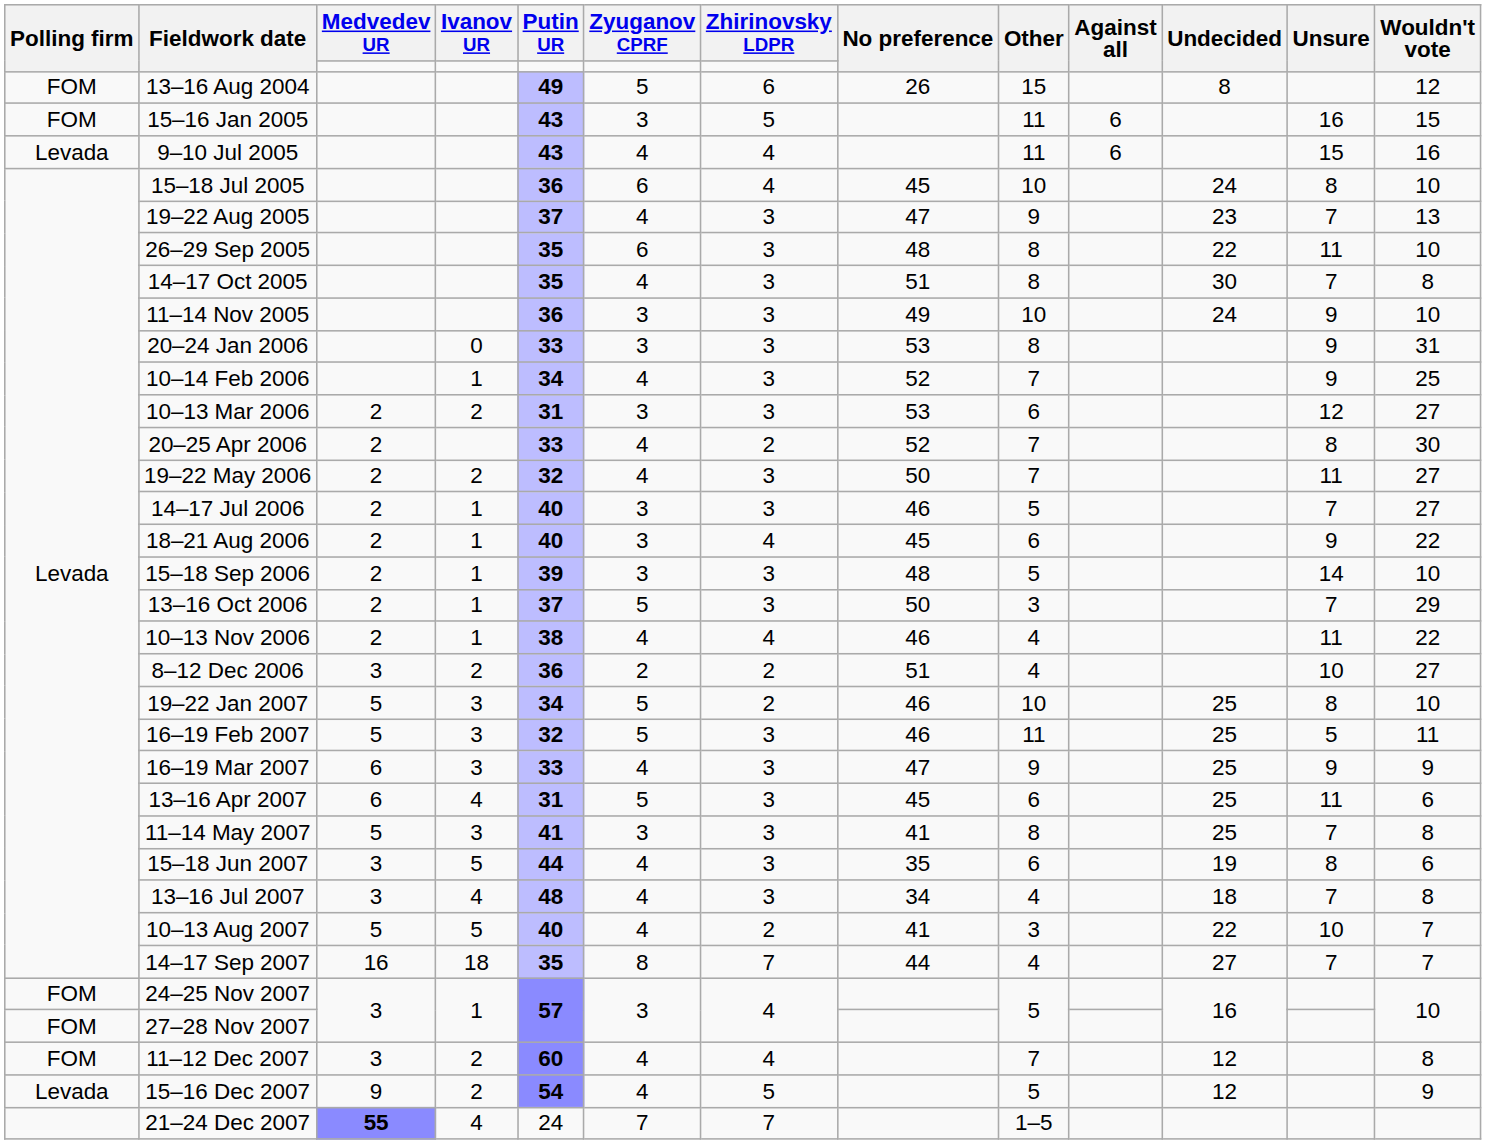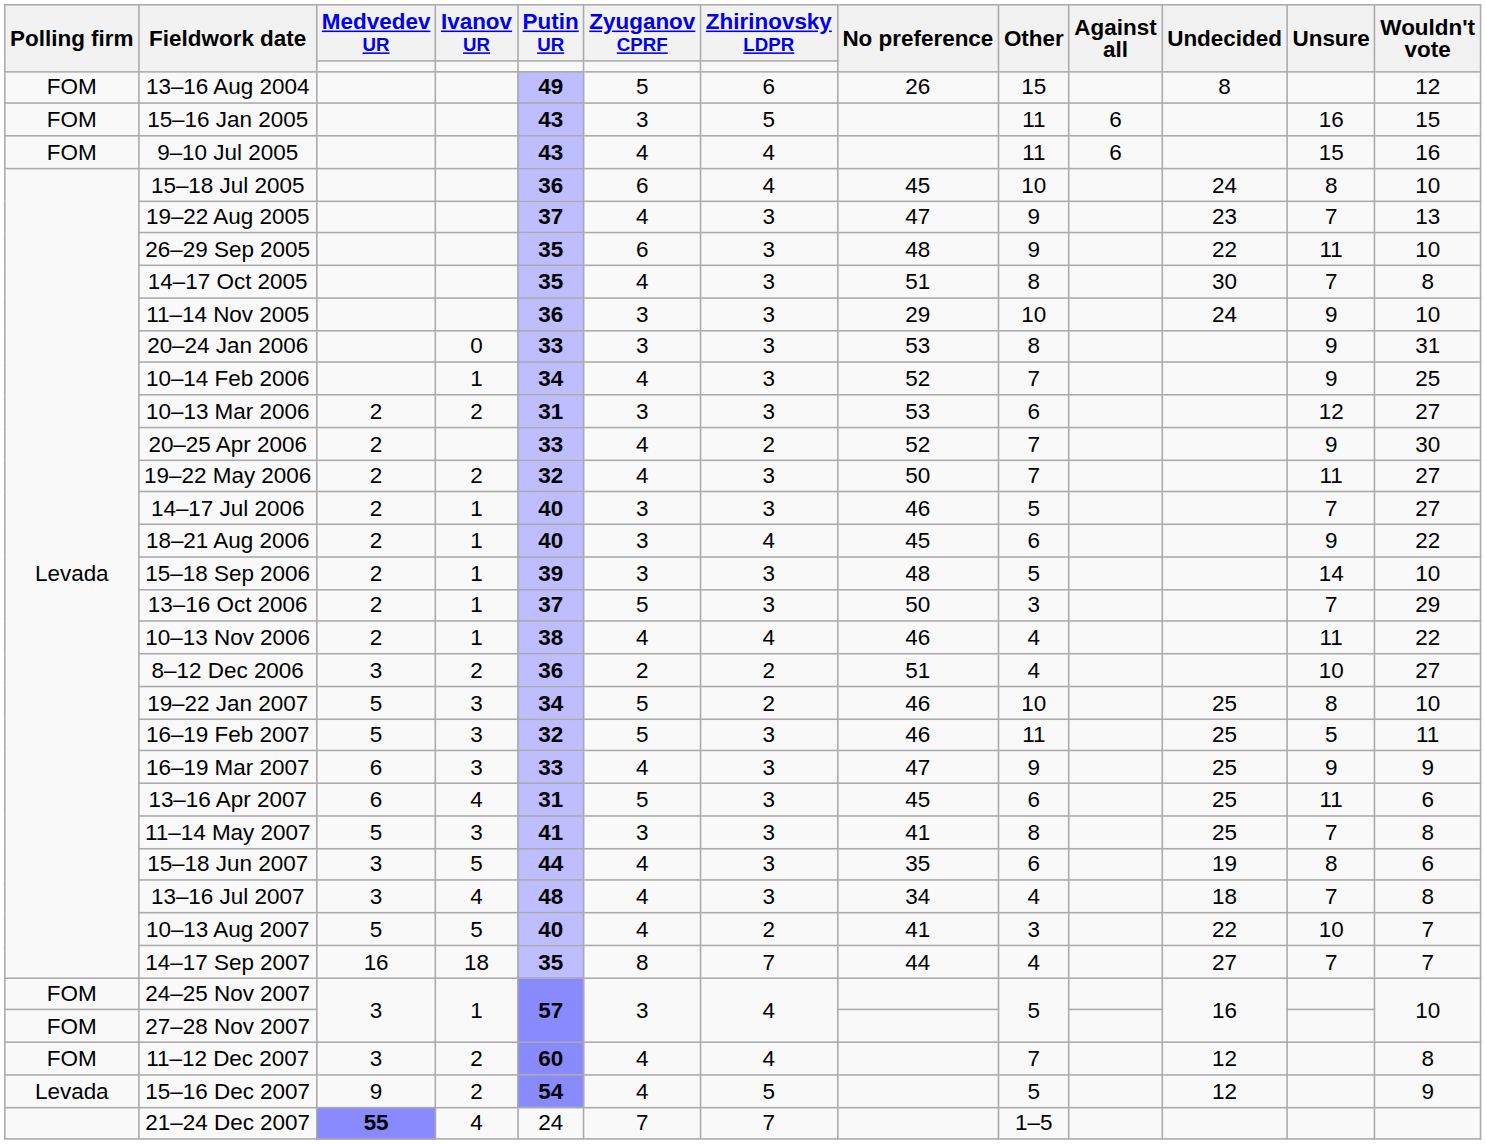 <table class="wikitable" style="text-align:center; font-size:90%; line-height:14px">
 <tr>
 <th rowspan=2>Polling firm</th>
 <th rowspan=2>Fieldwork date</th>
 <th><a href='#'>Medvedev</a><br><small><a href='#'>UR</a></small></th>
 <th><a href='#'>Ivanov</a><br><small><a href='#'>UR</a></small></th>
 <th><a href='#'>Putin</a><br><small><a href='#'>UR</a></small></th>
 <th><a href='#'>Zyuganov</a><br><small><a href='#'>CPRF</a></small></th>
 <th><a href='#'>Zhirinovsky</a><br><small><a href='#'>LDPR</a></small></th>
 <th rowspan=2>No preference</th>
 <th rowspan=2>Other</th>
 <th rowspan=2>Against<br>all</th>
 <th rowspan=2>Undecided</th>
 <th rowspan=2>Unsure</th>
 <th rowspan=2>Wouldn't<br>vote</th>
 </tr>
 <tr>
 <td></td>
 <td></td>
 <td></td>
 <td></td>
 <td></td>
 </tr>
 <tr>
 <td>FOM</td>
 <td>13–16 Aug 2004</td>
 <td></td>
 <td></td>
 <th style="background:#BDBDFF">49</th>
 <td>5</td>
 <td>6</td>
 <td>26</td>
 <td>15</td>
 <td></td>
 <td>8</td>
 <td></td>
 <td>12</td>
 </tr>
 <tr>
 <td>FOM</td>
 <td>15–16 Jan 2005</td>
 <td></td>
 <td></td>
 <th style="background:#BDBDFF">43</th>
 <td>3</td>
 <td>5</td>
 <td></td>
 <td>11</td>
 <td>6</td>
 <td></td>
 <td>16</td>
 <td>15</td>
 </tr>
 <tr>
-<td>Levada</td>
+<td>FOM</td>
 <td>9–10 Jul 2005</td>
 <td></td>
 <td></td>
 <th style="background:#BDBDFF">43</th>
 <td>4</td>
 <td>4</td>
 <td></td>
 <td>11</td>
 <td>6</td>
 <td></td>
 <td>15</td>
 <td>16</td>
 </tr>
 <tr>
 <td rowspan="25">Levada</td>
 <td>15–18 Jul 2005</td>
 <td></td>
 <td></td>
 <th style="background:#BDBDFF">36</th>
 <td>6</td>
 <td>4</td>
 <td>45</td>
 <td>10</td>
 <td></td>
 <td>24</td>
 <td>8</td>
 <td>10</td>
 </tr>
 <tr>
 <td>19–22 Aug 2005</td>
 <td></td>
 <td></td>
 <th style="background:#BDBDFF">37</th>
 <td>4</td>
 <td>3</td>
 <td>47</td>
 <td>9</td>
 <td></td>
 <td>23</td>
 <td>7</td>
 <td>13</td>
 </tr>
 <tr>
 <td>26–29 Sep 2005</td>
 <td></td>
 <td></td>
 <th style="background:#BDBDFF">35</th>
 <td>6</td>
 <td>3</td>
 <td>48</td>
-<td>8</td>
+<td>9</td>
 <td></td>
 <td>22</td>
 <td>11</td>
 <td>10</td>
 </tr>
 <tr>
 <td>14–17 Oct 2005</td>
 <td></td>
 <td></td>
 <th style="background:#BDBDFF">35</th>
 <td>4</td>
 <td>3</td>
 <td>51</td>
 <td>8</td>
 <td></td>
 <td>30</td>
 <td>7</td>
 <td>8</td>
 </tr>
 <tr>
 <td>11–14 Nov 2005</td>
 <td></td>
 <td></td>
 <th style="background:#BDBDFF">36</th>
 <td>3</td>
 <td>3</td>
-<td>49</td>
+<td>29</td>
 <td>10</td>
 <td></td>
 <td>24</td>
 <td>9</td>
 <td>10</td>
 </tr>
 <tr>
 <td>20–24 Jan 2006</td>
 <td></td>
 <td>0</td>
 <th style="background:#BDBDFF">33</th>
 <td>3</td>
 <td>3</td>
 <td>53</td>
 <td>8</td>
 <td></td>
 <td></td>
 <td>9</td>
 <td>31</td>
 </tr>
 <tr>
 <td>10–14 Feb 2006</td>
 <td></td>
 <td>1</td>
 <th style="background:#BDBDFF">34</th>
 <td>4</td>
 <td>3</td>
 <td>52</td>
 <td>7</td>
 <td></td>
 <td></td>
 <td>9</td>
 <td>25</td>
 </tr>
 <tr>
 <td>10–13 Mar 2006</td>
 <td>2</td>
 <td>2</td>
 <th style="background:#BDBDFF">31</th>
 <td>3</td>
 <td>3</td>
 <td>53</td>
 <td>6</td>
 <td></td>
 <td></td>
 <td>12</td>
 <td>27</td>
 </tr>
 <tr>
 <td>20–25 Apr 2006</td>
 <td>2</td>
 <td></td>
 <th style="background:#BDBDFF">33</th>
 <td>4</td>
 <td>2</td>
 <td>52</td>
 <td>7</td>
 <td></td>
 <td></td>
-<td>8</td>
+<td>9</td>
 <td>30</td>
 </tr>
 <tr>
 <td>19–22 May 2006</td>
 <td>2</td>
 <td>2</td>
 <th style="background:#BDBDFF">32</th>
 <td>4</td>
 <td>3</td>
 <td>50</td>
 <td>7</td>
 <td></td>
 <td></td>
 <td>11</td>
 <td>27</td>
 </tr>
 <tr>
 <td>14–17 Jul 2006</td>
 <td>2</td>
 <td>1</td>
 <th style="background:#BDBDFF">40</th>
 <td>3</td>
 <td>3</td>
 <td>46</td>
 <td>5</td>
 <td></td>
 <td></td>
 <td>7</td>
 <td>27</td>
 </tr>
 <tr>
 <td>18–21 Aug 2006</td>
 <td>2</td>
 <td>1</td>
 <th style="background:#BDBDFF">40</th>
 <td>3</td>
 <td>4</td>
 <td>45</td>
 <td>6</td>
 <td></td>
 <td></td>
 <td>9</td>
 <td>22</td>
 </tr>
 <tr>
 <td>15–18 Sep 2006</td>
 <td>2</td>
 <td>1</td>
 <th style="background:#BDBDFF">39</th>
 <td>3</td>
 <td>3</td>
 <td>48</td>
 <td>5</td>
 <td></td>
 <td></td>
 <td>14</td>
 <td>10</td>
 </tr>
 <tr>
 <td>13–16 Oct 2006</td>
 <td>2</td>
 <td>1</td>
 <th style="background:#BDBDFF">37</th>
 <td>5</td>
 <td>3</td>
 <td>50</td>
 <td>3</td>
 <td></td>
 <td></td>
 <td>7</td>
 <td>29</td>
 </tr>
 <tr>
 <td>10–13 Nov 2006</td>
 <td>2</td>
 <td>1</td>
 <th style="background:#BDBDFF">38</th>
 <td>4</td>
 <td>4</td>
 <td>46</td>
 <td>4</td>
 <td></td>
 <td></td>
 <td>11</td>
 <td>22</td>
 </tr>
 <tr>
 <td>8–12 Dec 2006</td>
 <td>3</td>
 <td>2</td>
 <th style="background:#BDBDFF">36</th>
 <td>2</td>
 <td>2</td>
 <td>51</td>
 <td>4</td>
 <td></td>
 <td></td>
 <td>10</td>
 <td>27</td>
 </tr>
 <tr>
 <td>19–22 Jan 2007</td>
 <td>5</td>
 <td>3</td>
 <th style="background:#BDBDFF">34</th>
 <td>5</td>
 <td>2</td>
 <td>46</td>
 <td>10</td>
 <td></td>
 <td>25</td>
 <td>8</td>
 <td>10</td>
 </tr>
 <tr>
 <td>16–19 Feb 2007</td>
 <td>5</td>
 <td>3</td>
 <th style="background:#BDBDFF">32</th>
 <td>5</td>
 <td>3</td>
 <td>46</td>
 <td>11</td>
 <td></td>
 <td>25</td>
 <td>5</td>
 <td>11</td>
 </tr>
 <tr>
 <td>16–19 Mar 2007</td>
 <td>6</td>
 <td>3</td>
 <th style="background:#BDBDFF">33</th>
 <td>4</td>
 <td>3</td>
 <td>47</td>
 <td>9</td>
 <td></td>
 <td>25</td>
 <td>9</td>
 <td>9</td>
 </tr>
 <tr>
 <td>13–16 Apr 2007</td>
 <td>6</td>
 <td>4</td>
 <th style="background:#BDBDFF">31</th>
 <td>5</td>
 <td>3</td>
 <td>45</td>
 <td>6</td>
 <td></td>
 <td>25</td>
 <td>11</td>
 <td>6</td>
 </tr>
 <tr>
 <td>11–14 May 2007</td>
 <td>5</td>
 <td>3</td>
 <th style="background:#BDBDFF">41</th>
 <td>3</td>
 <td>3</td>
 <td>41</td>
 <td>8</td>
 <td></td>
 <td>25</td>
 <td>7</td>
 <td>8</td>
 </tr>
 <tr>
 <td>15–18 Jun 2007</td>
 <td>3</td>
 <td>5</td>
 <th style="background:#BDBDFF">44</th>
 <td>4</td>
 <td>3</td>
 <td>35</td>
 <td>6</td>
 <td></td>
 <td>19</td>
 <td>8</td>
 <td>6</td>
 </tr>
 <tr>
 <td>13–16 Jul 2007</td>
 <td>3</td>
 <td>4</td>
 <th style="background:#BDBDFF">48</th>
 <td>4</td>
 <td>3</td>
 <td>34</td>
 <td>4</td>
 <td></td>
 <td>18</td>
 <td>7</td>
 <td>8</td>
 </tr>
 <tr>
 <td>10–13 Aug 2007</td>
 <td>5</td>
 <td>5</td>
 <th style="background:#BDBDFF">40</th>
 <td>4</td>
 <td>2</td>
 <td>41</td>
 <td>3</td>
 <td></td>
 <td>22</td>
 <td>10</td>
 <td>7</td>
 </tr>
 <tr>
 <td>14–17 Sep 2007</td>
 <td>16</td>
 <td>18</td>
 <th style="background:#BDBDFF">35</th>
 <td>8</td>
 <td>7</td>
 <td>44</td>
 <td>4</td>
 <td></td>
 <td>27</td>
 <td>7</td>
 <td>7</td>
 </tr>
 <tr>
 <td>FOM</td>
 <td>24–25 Nov 2007</td>
 <td rowspan="2">3</td>
 <td rowspan="2">1</td>
 <th rowspan="2" ; style="background:#8A8AFF">57</th>
 <td rowspan="2">3</td>
 <td rowspan="2">4</td>
 <td></td>
 <td rowspan="2">5</td>
 <td></td>
 <td rowspan="2">16</td>
 <td></td>
 <td rowspan="2">10</td>
 </tr>
 <tr>
 <td>FOM</td>
 <td>27–28 Nov 2007</td>
 <td></td>
 <td></td>
 <td></td>
 </tr>
 <tr>
 <td>FOM</td>
 <td>11–12 Dec 2007</td>
 <td>3</td>
 <td>2</td>
 <th style="background:#8A8AFF">60</th>
 <td>4</td>
 <td>4</td>
 <td></td>
 <td>7</td>
 <td></td>
 <td>12</td>
 <td></td>
 <td>8</td>
 </tr>
 <tr>
 <td>Levada</td>
 <td>15–16 Dec 2007</td>
 <td>9</td>
 <td>2</td>
 <th style="background:#8A8AFF">54</th>
 <td>4</td>
 <td>5</td>
 <td></td>
 <td>5</td>
 <td></td>
 <td>12</td>
 <td></td>
 <td>9</td>
 </tr>
 <tr>
 <td></td>
 <td>21–24 Dec 2007</td>
 <th style="background:#8A8AFF">55</th>
 <td>4</td>
 <td>24</td>
 <td>7</td>
 <td>7</td>
 <td></td>
 <td>1–5</td>
 <td></td>
 <td></td>
 <td></td>
 <td></td>
 </tr>
 </table>
